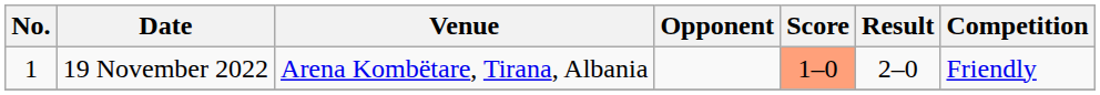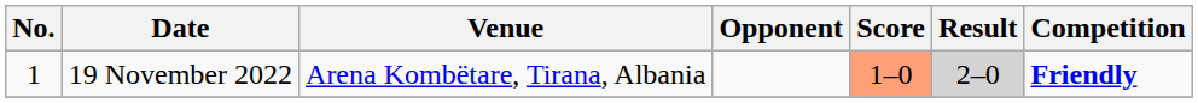 <table class="wikitable sortable">
 <tr>
 <th scope="col">No.</th>
 <th scope="col">Date</th>
 <th scope="col">Venue</th>
 <th scope="col">Opponent</th>
 <th scope="col">Score</th>
 <th scope="col">Result</th>
 <th scope="col">Competition</th>
 </tr>
 <tr>
 <td style="text-align:center">1</td>
 <td>19 November 2022</td>
 <td><a href='#'>Arena Kombëtare</a>, <a href='#'>Tirana</a>, Albania</td>
 <td></td>
 <td style="background: lightsalmon; text-align:center">1–0</td>
-<td style="text-align:center">2–0</td>
-<td><a href='#'>Friendly</a></td>
+<td style="background: lightgrey; text-align:center">2–0</td>
+<td><strong><a href='#'>Friendly</a></strong></td>
 </tr>
 <tr>
 </tr>
 </table>
